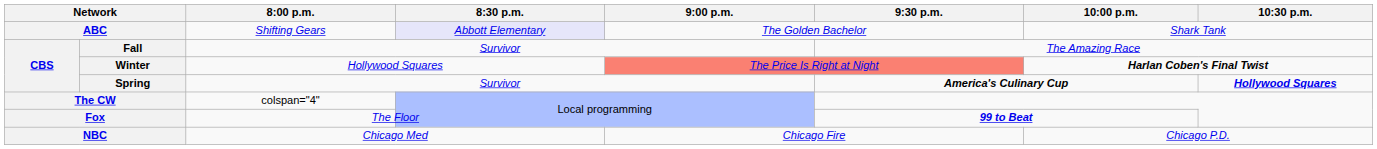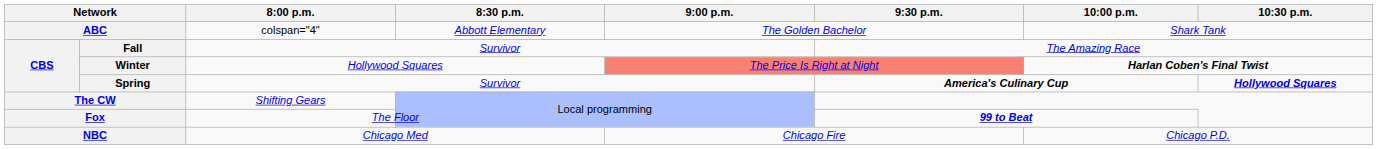 <table class="wikitable" style="width:100%;margin-right:0;text-align:center">
 <tr>
 <th colspan="2" style="width:13%;">Network</th>
 <th style="width:15%;">8:00 p.m.</th>
 <th style="width:15%;">8:30 p.m.</th>
 <th style="width:15%;">9:00 p.m.</th>
 <th style="width:15%;">9:30 p.m.</th>
 <th style="width:12.5%;">10:00 p.m.</th>
 <th style="width:12.5%;">10:30 p.m.</th>
 </tr>
 <tr>
 <th colspan="2"><a href='#'>ABC</a></th>
-<td><em><a href='#'>Shifting Gears</a></em></td>
-<td style="background: lavender;"><em><a href='#'>Abbott Elementary</a></em></td>
+<td>colspan="4" </td>
+<td><em><a href='#'>Abbott Elementary</a></em></td>
 <td colspan="2"><em><a href='#'>The Golden Bachelor</a></em></td>
 <td colspan="2"><em><a href='#'>Shark Tank</a></em></td>
 </tr>
 <tr>
 <th rowspan="3"><a href='#'>CBS</a></th>
 <th>Fall</th>
 <td colspan="3"><em><a href='#'>Survivor</a></em></td>
 <td colspan="3"><em><a href='#'>The Amazing Race</a></em></td>
 </tr>
 <tr>
 <th>Winter</th>
 <td colspan="2"><em><a href='#'>Hollywood Squares</a></em></td>
 <td colspan="2" style="background:#FA8072;"><em><a href='#'>The Price Is Right at Night</a></em></td>
 <td colspan="2"><strong><em>Harlan Coben's Final Twist</em></strong></td>
 </tr>
 <tr>
 <th>Spring</th>
 <td colspan="3"><em><a href='#'>Survivor</a></em></td>
 <td colspan="2"><strong><em>America's Culinary Cup</em></strong></td>
 <td><strong><em><a href='#'>Hollywood Squares</a></em></strong></td>
 </tr>
 <tr>
 <th colspan="2"><a href='#'>The CW</a></th>
-<td>colspan="4" </td>
+<td><em><a href='#'>Shifting Gears</a></em></td>
 <td rowspan="2" colspan="2" style="background:#abbfff;">Local programming</td>
 </tr>
 <tr>
 <th colspan="2"><a href='#'>Fox</a></th>
 <td colspan="2"><em><a href='#'>The Floor</a></em></td>
 <td colspan="2"><strong><em><a href='#'>99 to Beat</a></em></strong></td>
 </tr>
 <tr>
 <th colspan="2"><a href='#'>NBC</a></th>
 <td colspan="2"><em><a href='#'>Chicago Med</a></em></td>
 <td colspan="2"><em><a href='#'>Chicago Fire</a></em></td>
 <td colspan="2"><em><a href='#'>Chicago P.D.</a></em></td>
 </tr>
 </table>
